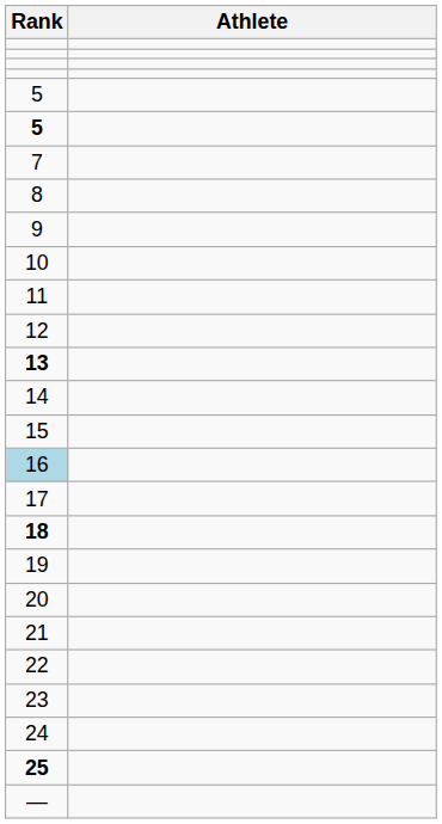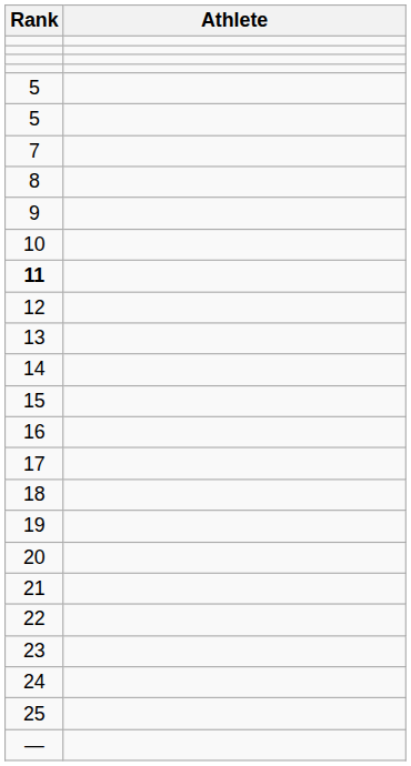 <table class="wikitable" style="text-align: center;">
 <tr>
 <th width=40>Rank</th>
 <th width=270>Athlete</th>
 </tr>
 <tr>
 <td></td>
 <td align="left"></td>
 </tr>
 <tr>
 <td></td>
 <td align="left"></td>
 </tr>
 <tr>
 <td></td>
 <td align="left"></td>
 </tr>
 <tr>
 <td></td>
 <td align="left"></td>
 </tr>
 <tr>
 <td>5</td>
 <td align="left"></td>
 </tr>
 <tr>
-<td><strong>5</strong></td>
+<td>5</td>
 <td align="left"></td>
 </tr>
 <tr>
 <td>7</td>
 <td align="left"></td>
 </tr>
 <tr>
 <td>8</td>
 <td align="left"></td>
 </tr>
 <tr>
 <td>9</td>
 <td align="left"></td>
 </tr>
 <tr>
 <td>10</td>
 <td align="left"></td>
 </tr>
 <tr>
-<td>11</td>
+<td><strong>11</strong></td>
 <td align="left"></td>
 </tr>
 <tr>
 <td>12</td>
 <td align="left"></td>
 </tr>
 <tr>
-<td><strong>13</strong></td>
+<td>13</td>
 <td align="left"></td>
 </tr>
 <tr>
 <td>14</td>
 <td align="left"></td>
 </tr>
 <tr>
 <td>15</td>
 <td align="left"></td>
 </tr>
 <tr>
-<td style="background: lightblue;">16</td>
+<td>16</td>
 <td align="left"></td>
 </tr>
 <tr>
 <td>17</td>
 <td align="left"></td>
 </tr>
 <tr>
-<td><strong>18</strong></td>
+<td>18</td>
 <td align="left"></td>
 </tr>
 <tr>
 <td>19</td>
 <td align="left"></td>
 </tr>
 <tr>
 <td>20</td>
 <td align="left"></td>
 </tr>
 <tr>
 <td>21</td>
 <td align="left"></td>
 </tr>
 <tr>
 <td>22</td>
 <td align="left"></td>
 </tr>
 <tr>
 <td>23</td>
 <td align="left"></td>
 </tr>
 <tr>
 <td>24</td>
 <td align="left"></td>
 </tr>
 <tr>
-<td><strong>25</strong></td>
+<td>25</td>
 <td align="left"></td>
 </tr>
 <tr>
 <td>—</td>
 <td align="left"></td>
 </tr>
 </table>
